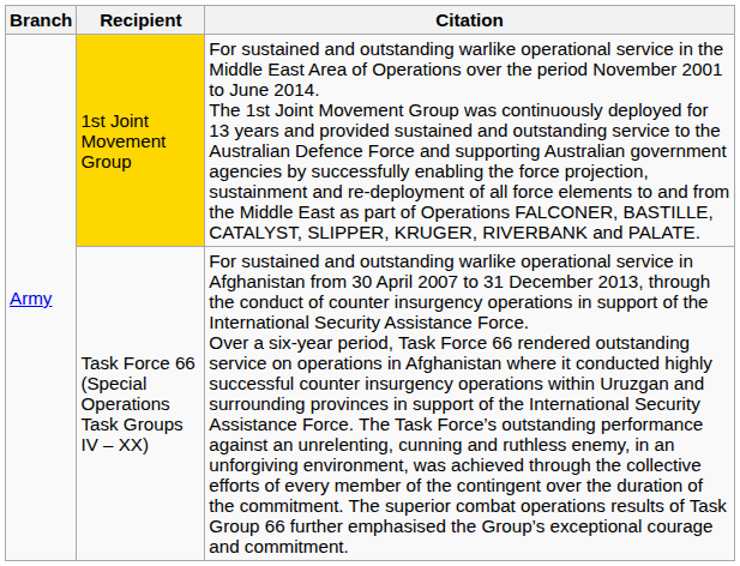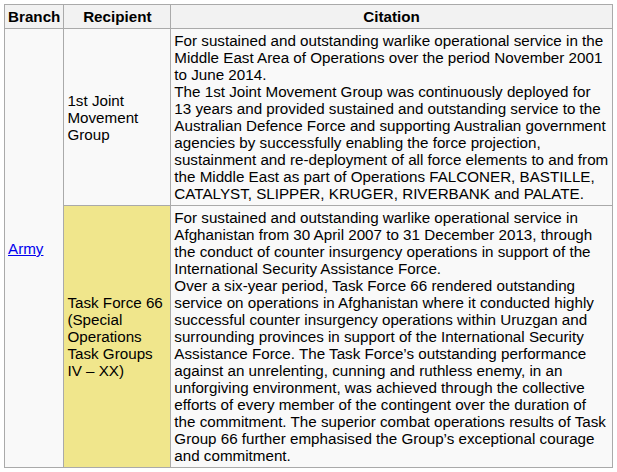 <table class="wikitable" style="font-size:95%;">
 <tr>
 <th>Branch</th>
 <th>Recipient</th>
 <th>Citation</th>
 </tr>
 <tr>
 <td rowspan="2"><a href='#'>Army</a></td>
-<td style="background: gold;">1st Joint Movement Group</td>
+<td>1st Joint Movement Group</td>
 <td>For sustained and outstanding warlike operational service in the Middle East Area of Operations over the period November 2001 to June 2014.<br>The 1st Joint Movement Group was continuously deployed for 13 years and provided sustained and outstanding service to the Australian Defence Force and supporting Australian government agencies by successfully enabling the force projection, sustainment and re-deployment of all force elements to and from the Middle East as part of Operations FALCONER, BASTILLE, CATALYST, SLIPPER, KRUGER, RIVERBANK and PALATE.</td>
 </tr>
 <tr>
-<td>Task Force 66 (Special Operations Task Groups IV – XX)</td>
+<td style="background: khaki;">Task Force 66 (Special Operations Task Groups IV – XX)</td>
 <td>For sustained and outstanding warlike operational service in Afghanistan from 30 April 2007 to 31 December 2013, through the conduct of counter insurgency operations in support of the International Security Assistance Force.<br>Over a six-year period, Task Force 66 rendered outstanding service on operations in Afghanistan where it conducted highly successful counter insurgency operations within Uruzgan and surrounding provinces in support of the International Security Assistance Force. The Task Force’s outstanding performance against an unrelenting, cunning and ruthless enemy, in an unforgiving environment, was achieved through the collective efforts of every member of the contingent over the duration of the commitment. The superior combat operations results of Task Group 66 further emphasised the Group’s exceptional courage and commitment.</td>
 </tr>
 </table>
